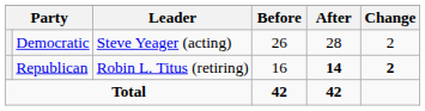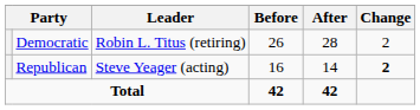 <table class="wikitable" style="text-align:center;">
 <tr>
 </tr>
 <tr>
 <th colspan=2>Party</th>
 <th>Leader</th>
 <th style="width:3em">Before</th>
 <th style="width:3em">After</th>
 <th style="width:3em">Change</th>
 </tr>
 <tr>
 <th style="background-color:"></th>
 <td style="text-align:left;"><a href='#'>Democratic</a></td>
-<td style="text-align:left;"><a href='#'>Steve Yeager</a> (acting)</td>
+<td style="text-align:left;"><a href='#'>Robin L. Titus</a> (retiring)</td>
 <td>26</td>
 <td>28</td>
 <td>2</td>
 </tr>
 <tr>
 <th style="background-color:"></th>
 <td style="text-align:left;"><a href='#'>Republican</a></td>
-<td style="text-align:left;"><a href='#'>Robin L. Titus</a> (retiring)</td>
+<td style="text-align:left;"><a href='#'>Steve Yeager</a> (acting)</td>
 <td>16</td>
-<td><strong>14</strong></td>
+<td>14</td>
 <td><strong>2</strong></td>
 </tr>
 <tr>
 <td colspan=3><strong>Total</strong></td>
 <td><strong>42</strong></td>
 <td><strong>42</strong></td>
 <td></td>
 </tr>
 </table>
